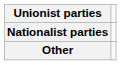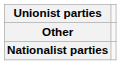 <table class="wikitable">
 <tr>
 <th>Unionist parties</th>
 <td><br>     </td>
 </tr>
 <tr>
+<th>Other</th>
+<td><br>   </td>
+</tr>
+<tr>
 <th>Nationalist parties</th>
 <td><br>     </td>
 </tr>
-<tr>
-<th>Other</th>
-<td><br>   </td>
-</tr>
 </table>
